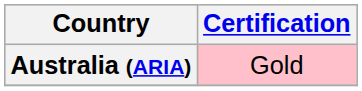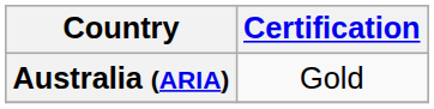 <table class="wikitable plainrowheaders">
 <tr>
 <th scope="col">Country</th>
 <th scope="col"><a href='#'>Certification</a></th>
 </tr>
 <tr>
 <th scope="row">Australia <small>(<a href='#'>ARIA</a>)</small></th>
-<td style="background: pink; text-align:center;">Gold</td>
+<td style="text-align:center;">Gold</td>
 </tr>
 <tr>
 </tr>
 </table>
